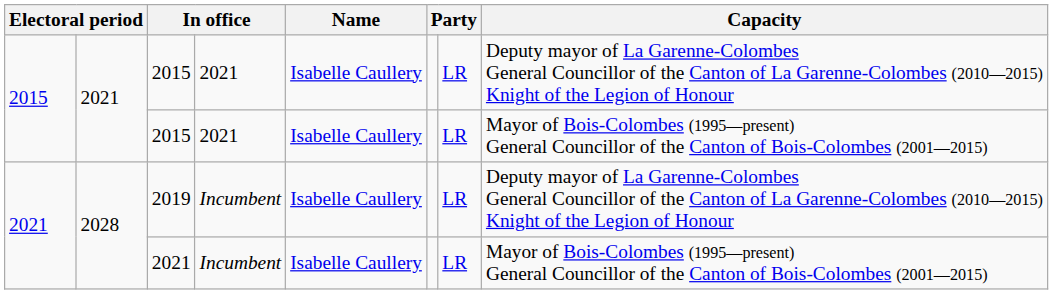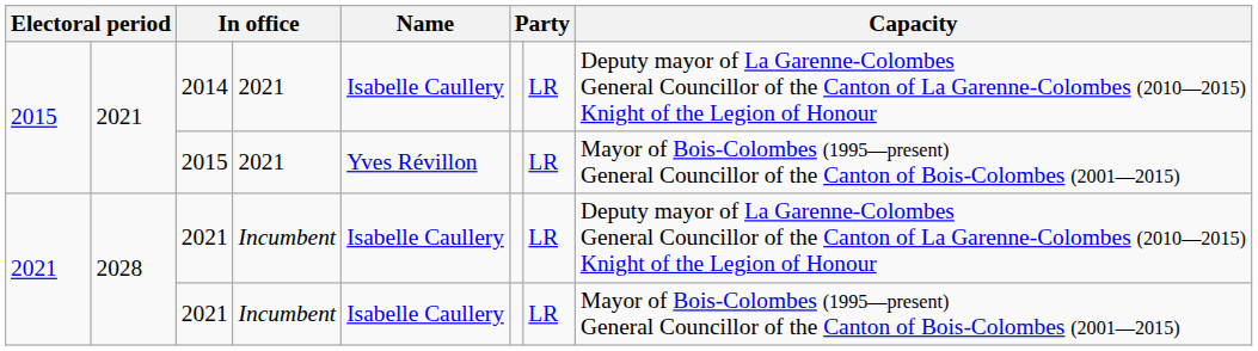 <table class="wikitable">
 <tr>
 <th colspan="2">Electoral period</th>
 <th colspan="2">In office</th>
 <th>Name</th>
 <th colspan="2">Party</th>
 <th>Capacity</th>
 </tr>
 <tr>
 <td rowspan="2"><a href='#'>2015</a></td>
 <td rowspan="2">2021</td>
-<td>2015</td>
+<td>2014</td>
 <td>2021</td>
 <td><a href='#'>Isabelle Caullery</a></td>
 <td style="background:"></td>
 <td><a href='#'>LR</a></td>
 <td>Deputy mayor of <a href='#'>La Garenne-Colombes</a><br>General Councillor of the <a href='#'>Canton of La Garenne-Colombes</a> <small>(2010—2015)</small><br><a href='#'>Knight of the Legion of Honour</a></td>
 </tr>
 <tr>
 <td>2015</td>
 <td>2021</td>
-<td><a href='#'>Isabelle Caullery</a></td>
+<td><a href='#'>Yves Révillon</a></td>
 <td style="background:"></td>
 <td><a href='#'>LR</a></td>
 <td>Mayor of <a href='#'>Bois-Colombes</a> <small>(1995—present)</small><br>General Councillor of the <a href='#'>Canton of Bois-Colombes</a> <small>(2001—2015)</small></td>
 </tr>
 <tr>
 <td rowspan="2"><a href='#'>2021</a></td>
 <td rowspan="2">2028</td>
-<td>2019</td>
+<td>2021</td>
 <td><em>Incumbent</em></td>
 <td><a href='#'>Isabelle Caullery</a></td>
 <td style="background:"></td>
 <td><a href='#'>LR</a></td>
 <td>Deputy mayor of <a href='#'>La Garenne-Colombes</a><br>General Councillor of the <a href='#'>Canton of La Garenne-Colombes</a> <small>(2010—2015)</small><br><a href='#'>Knight of the Legion of Honour</a></td>
 </tr>
 <tr>
 <td>2021</td>
 <td><em>Incumbent</em></td>
 <td><a href='#'>Isabelle Caullery</a></td>
 <td style="background:"></td>
 <td><a href='#'>LR</a></td>
 <td>Mayor of <a href='#'>Bois-Colombes</a> <small>(1995—present)<br></small>General Councillor of the <a href='#'>Canton of Bois-Colombes</a> <small>(2001—2015)</small></td>
 </tr>
 </table>
